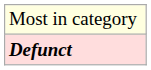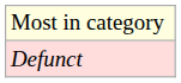 <table class="wikitable">
 <tr>
 <td style="background:#ffffe0;">Most in category </td>
 </tr>
 <tr>
-<td style="background:#ffdddd;"><strong><em>Defunct</em></strong></td>
+<td style="background:#ffdddd;"><em>Defunct</em></td>
 </tr>
 </table>
